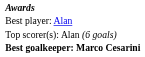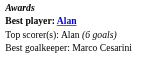 <table width=100% cellspacing=1 style="font-size: 90%;">
 <tr>
 <td><strong><em>Awards</em></strong></td>
 </tr>
 <tr>
-<td>Best player:  <a href='#'>Alan</a></td>
+<td><strong>Best player:  <a href='#'>Alan</a></strong></td>
 </tr>
 <tr>
 <td colspan=4>Top scorer(s):  Alan <em>(6 goals)</em></td>
 </tr>
 <tr>
-<td><strong>Best goalkeeper:  Marco Cesarini</strong></td>
+<td>Best goalkeeper:  Marco Cesarini</td>
 </tr>
 </table>
